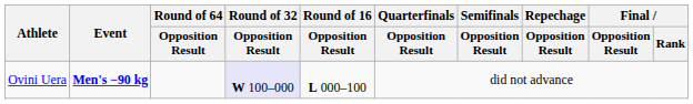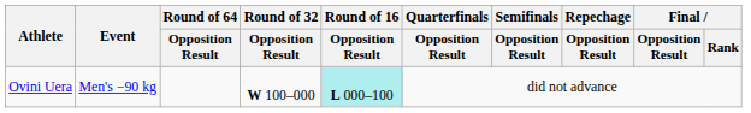 <table class="wikitable" style="font-size:90%">
 <tr>
 <th rowspan="2">Athlete</th>
 <th rowspan="2">Event</th>
 <th>Round of 64</th>
 <th>Round of 32</th>
 <th>Round of 16</th>
 <th>Quarterfinals</th>
 <th>Semifinals</th>
 <th>Repechage</th>
 <th colspan=2>Final / </th>
 </tr>
 <tr style="font-size:95%">
 <th>Opposition<br>Result</th>
 <th>Opposition<br>Result</th>
 <th>Opposition<br>Result</th>
 <th>Opposition<br>Result</th>
 <th>Opposition<br>Result</th>
 <th>Opposition<br>Result</th>
 <th>Opposition<br>Result</th>
 <th>Rank</th>
 </tr>
 <tr align=center>
 <td align=left><a href='#'>Ovini Uera</a></td>
-<td align=left><strong><a href='#'>Men's −90 kg</a></strong></td>
+<td align=left><a href='#'>Men's −90 kg</a></td>
 <td></td>
-<td style="background: lavender;"><br><strong>W</strong> 100–000</td>
-<td><br><strong>L</strong> 000–100</td>
+<td><br><strong>W</strong> 100–000</td>
+<td style="background: paleturquoise;"><br><strong>L</strong> 000–100</td>
 <td colspan=5>did not advance</td>
 </tr>
 </table>
